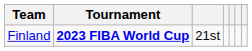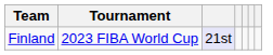 <table class="wikitable" style=" text-align:center;">
 <tr>
 <th>Team</th>
 <th>Tournament</th>
 <th></th>
 <th></th>
 <th></th>
 <th></th>
 <th></th>
 </tr>
 <tr>
 <td rowspan=1><a href='#'>Finland</a></td>
-<td><strong><a href='#'>2023 FIBA World Cup</a></strong></td>
-<td>21st</td>
+<td><a href='#'>2023 FIBA World Cup</a></td>
+<td style="background: lavender;">21st</td>
 <td></td>
 <td></td>
 <td></td>
 <td></td>
 </tr>
 </table>
